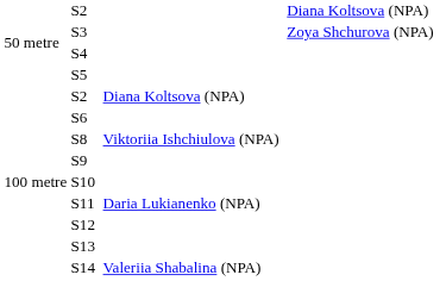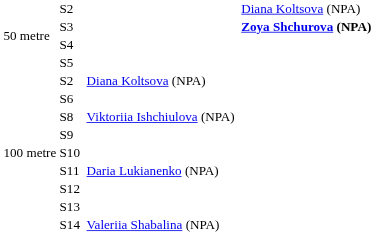 <table>
 <tr>
 <td rowspan=4>50 metre</td>
 <td>S2</td>
 <td></td>
 <td><span> </span><a href='#'>Diana Koltsova</a> <span>(<abbr>NPA</abbr>)</span></td>
 <td></td>
 </tr>
 <tr>
 <td>S3</td>
 <td></td>
-<td><span> </span><a href='#'>Zoya Shchurova</a> <span>(<abbr>NPA</abbr>)</span></td>
+<td><strong><span> </span><a href='#'>Zoya Shchurova</a> <span>(<abbr>NPA</abbr>)</span></strong></td>
 <td></td>
 </tr>
 <tr>
 <td>S4</td>
 <td></td>
 <td></td>
 <td></td>
 </tr>
 <tr>
 <td>S5</td>
 <td></td>
 <td></td>
 <td></td>
 </tr>
 <tr>
 <td rowspan=9>100 metre</td>
 <td>S2</td>
 <td><span> </span><a href='#'>Diana Koltsova</a> <span>(<abbr>NPA</abbr>)</span></td>
 <td></td>
 <td></td>
 </tr>
 <tr>
 <td>S6</td>
 <td></td>
 <td></td>
 <td></td>
 </tr>
 <tr>
 <td>S8</td>
 <td><span> </span><a href='#'>Viktoriia Ishchiulova</a> <span>(<abbr>NPA</abbr>)</span></td>
 <td></td>
 <td></td>
 </tr>
 <tr>
 <td>S9</td>
 <td></td>
 <td></td>
 <td></td>
 </tr>
 <tr>
 <td>S10</td>
 <td></td>
 <td></td>
 <td></td>
 </tr>
 <tr>
 <td>S11</td>
 <td><span> </span><a href='#'>Daria Lukianenko</a> <span>(<abbr>NPA</abbr>)</span></td>
 <td></td>
 <td></td>
 </tr>
 <tr>
 <td>S12</td>
 <td></td>
 <td></td>
 <td></td>
 </tr>
 <tr>
 <td>S13</td>
 <td></td>
 <td></td>
 <td></td>
 </tr>
 <tr>
 <td>S14</td>
 <td><span> </span><a href='#'>Valeriia Shabalina</a> <span>(<abbr>NPA</abbr>)</span></td>
 <td></td>
 <td></td>
 </tr>
 </table>
